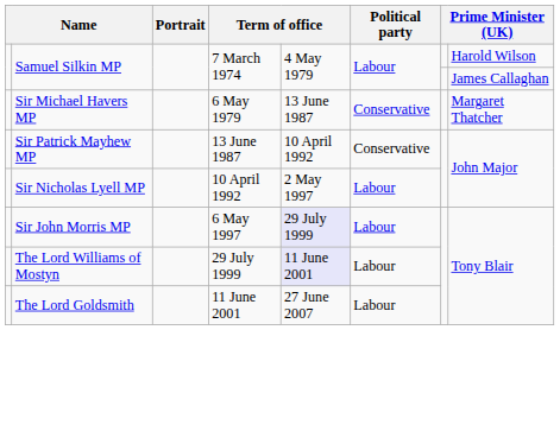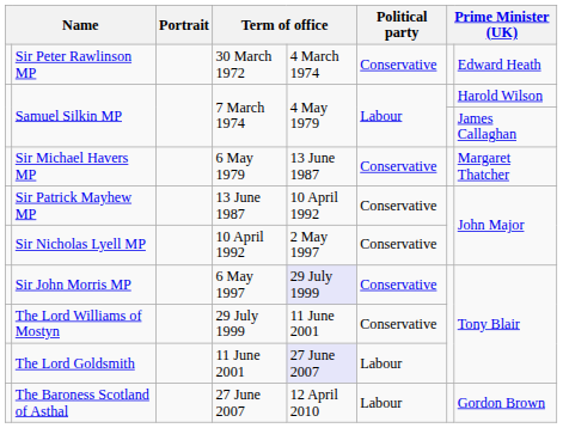 <table class="wikitable">
 <tr>
 <th colspan=2>Name</th>
 <th>Portrait</th>
 <th colspan=2>Term of office</th>
 <th>Political party</th>
 <th colspan=2><a href='#'>Prime Minister (UK)</a></th>
+</tr>
+<tr>
+<td style="background-color: "></td>
+<td><a href='#'>Sir Peter Rawlinson MP</a></td>
+<td></td>
+<td>30 March 1972</td>
+<td>4 March 1974</td>
+<td><a href='#'>Conservative</a></td>
+<td style="background-color: "></td>
+<td><a href='#'>Edward Heath</a></td>
 </tr>
 <tr>
 <td rowspan="2" style="background-color: "></td>
 <td rowspan=2><a href='#'>Samuel Silkin MP</a></td>
 <td rowspan=2></td>
 <td rowspan=2>7 March 1974</td>
 <td rowspan=2>4 May 1979</td>
 <td rowspan=2><a href='#'>Labour</a></td>
 <td style="background-color: "></td>
 <td><a href='#'>Harold Wilson</a></td>
 </tr>
 <tr>
 <td style="background-color: "></td>
 <td><a href='#'>James Callaghan</a></td>
 </tr>
 <tr>
 <td style="background-color: "></td>
 <td><a href='#'>Sir Michael Havers MP</a></td>
 <td></td>
 <td>6 May 1979</td>
 <td>13 June 1987</td>
 <td><a href='#'>Conservative</a></td>
 <td rowspan="2" style="background-color: "></td>
 <td rowspan=2><a href='#'>Margaret Thatcher</a></td>
 </tr>
 <tr>
 <td rowspan="2" style="background-color: "></td>
 <td rowspan=2><a href='#'>Sir Patrick Mayhew MP</a></td>
 <td rowspan=2></td>
 <td rowspan=2>13 June 1987</td>
 <td rowspan=2>10 April 1992</td>
 <td rowspan=2>Conservative</td>
 </tr>
 <tr>
 <td rowspan="2" style="background-color: "></td>
 <td rowspan=2><a href='#'>John Major</a></td>
 </tr>
 <tr>
 <td style="background-color: "></td>
 <td><a href='#'>Sir Nicholas Lyell MP</a></td>
 <td></td>
 <td>10 April 1992</td>
 <td>2 May 1997</td>
-<td><a href='#'>Labour</a></td>
+<td>Conservative</td>
 </tr>
 <tr>
 <td style="background-color: "></td>
 <td><a href='#'>Sir John Morris MP</a></td>
 <td></td>
 <td>6 May 1997</td>
 <td style="background: lavender;">29 July 1999</td>
-<td><a href='#'>Labour</a></td>
+<td><a href='#'>Conservative</a></td>
 <td rowspan="3" style="background-color: "></td>
 <td rowspan=3><a href='#'>Tony Blair</a></td>
 </tr>
 <tr>
 <td style="background-color: "></td>
 <td><a href='#'>The Lord Williams of Mostyn</a></td>
 <td></td>
 <td>29 July 1999</td>
-<td style="background: lavender;">11 June 2001</td>
-<td>Labour</td>
+<td>11 June 2001</td>
+<td>Conservative</td>
 </tr>
 <tr>
 <td style="background-color: "></td>
 <td><a href='#'>The Lord Goldsmith</a></td>
 <td></td>
 <td>11 June 2001</td>
-<td>27 June 2007</td>
+<td style="background: lavender;">27 June 2007</td>
 <td>Labour</td>
 </tr>
+<tr>
+<td style="background-color: "></td>
+<td><a href='#'>The Baroness Scotland of Asthal</a></td>
+<td></td>
+<td>27 June 2007</td>
+<td>12 April 2010</td>
+<td>Labour</td>
+<td style="background-color: "></td>
+<td><a href='#'>Gordon Brown</a></td>
+</tr>
 </table>
